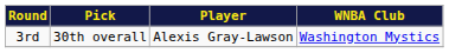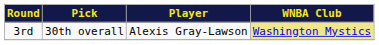 <table class="wikitable" style="text-align:center">
 <tr>
 <th style="background:#121849;color:#F8E616;">Round</th>
 <th style="background:#121849;color:#F8E616;">Pick</th>
 <th style="background:#121849;color:#F8E616;">Player</th>
 <th style="background:#121849;color:#F8E616;">WNBA Club</th>
 </tr>
 <tr>
 <td>3rd</td>
 <td>30th overall</td>
 <td>Alexis Gray-Lawson</td>
-<td><a href='#'>Washington Mystics</a></td>
+<td style="background: khaki;"><a href='#'>Washington Mystics</a></td>
 </tr>
 <tr>
 </tr>
 </table>
